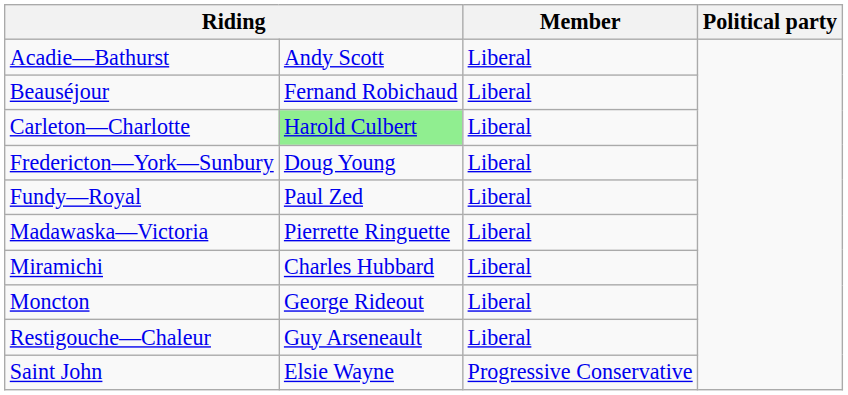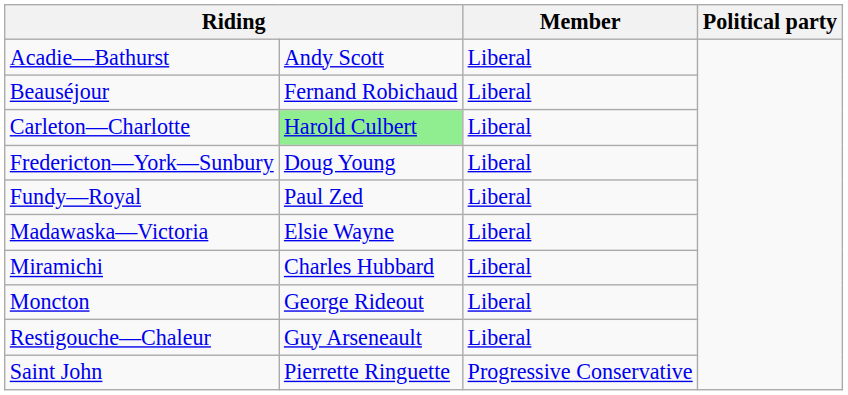 <table class="wikitable">
 <tr>
 <th colspan=2>Riding</th>
 <th>Member</th>
 <th>Political party</th>
 </tr>
 <tr>
 <td><a href='#'>Acadie—Bathurst</a></td>
 <td><a href='#'>Andy Scott</a></td>
 <td><a href='#'>Liberal</a></td>
 </tr>
 <tr>
 <td><a href='#'>Beauséjour</a></td>
 <td><a href='#'>Fernand Robichaud</a></td>
 <td><a href='#'>Liberal</a></td>
 </tr>
 <tr>
 <td><a href='#'>Carleton—Charlotte</a></td>
 <td style="background: lightgreen;"><a href='#'>Harold Culbert</a></td>
 <td><a href='#'>Liberal</a></td>
 </tr>
 <tr>
 <td><a href='#'>Fredericton—York—Sunbury</a></td>
 <td><a href='#'>Doug Young</a></td>
 <td><a href='#'>Liberal</a></td>
 </tr>
 <tr>
 <td><a href='#'>Fundy—Royal</a></td>
 <td><a href='#'>Paul Zed</a></td>
 <td><a href='#'>Liberal</a></td>
 </tr>
 <tr>
 <td><a href='#'>Madawaska—Victoria</a></td>
-<td><a href='#'>Pierrette Ringuette</a></td>
+<td><a href='#'>Elsie Wayne</a></td>
 <td><a href='#'>Liberal</a></td>
 </tr>
 <tr>
 <td><a href='#'>Miramichi</a></td>
 <td><a href='#'>Charles Hubbard</a></td>
 <td><a href='#'>Liberal</a></td>
 </tr>
 <tr>
 <td><a href='#'>Moncton</a></td>
 <td><a href='#'>George Rideout</a></td>
 <td><a href='#'>Liberal</a></td>
 </tr>
 <tr>
 <td><a href='#'>Restigouche—Chaleur</a></td>
 <td><a href='#'>Guy Arseneault</a></td>
 <td><a href='#'>Liberal</a></td>
 </tr>
 <tr>
 <td><a href='#'>Saint John</a></td>
-<td><a href='#'>Elsie Wayne</a></td>
+<td><a href='#'>Pierrette Ringuette</a></td>
 <td><a href='#'>Progressive Conservative</a></td>
 </tr>
 </table>
